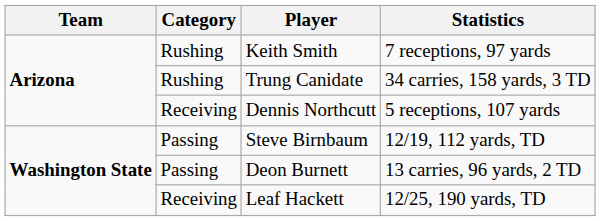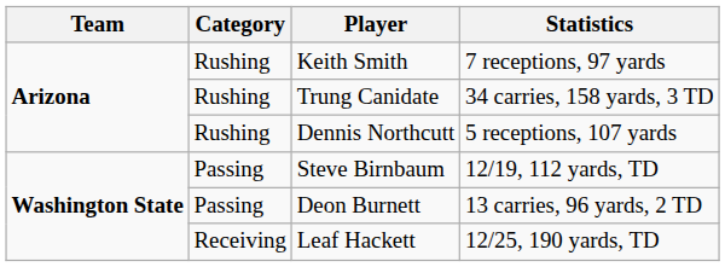 <table class="wikitable" style="float: right;">
 <tr>
 <th>Team</th>
 <th>Category</th>
 <th>Player</th>
 <th>Statistics</th>
 </tr>
 <tr>
 <td rowspan=3><strong>Arizona</strong></td>
 <td>Rushing</td>
 <td>Keith Smith</td>
 <td>7 receptions, 97 yards</td>
 </tr>
 <tr>
 <td>Rushing</td>
 <td>Trung Canidate</td>
 <td>34 carries, 158 yards, 3 TD</td>
 </tr>
 <tr>
-<td>Receiving</td>
+<td>Rushing</td>
 <td>Dennis Northcutt</td>
 <td>5 receptions, 107 yards</td>
 </tr>
 <tr>
 <td rowspan=3><strong>Washington State</strong></td>
 <td>Passing</td>
 <td>Steve Birnbaum</td>
 <td>12/19, 112 yards, TD</td>
 </tr>
 <tr>
 <td>Passing</td>
 <td>Deon Burnett</td>
 <td>13 carries, 96 yards, 2 TD</td>
 </tr>
 <tr>
 <td>Receiving</td>
 <td>Leaf Hackett</td>
 <td>12/25, 190 yards, TD</td>
 </tr>
 </table>
